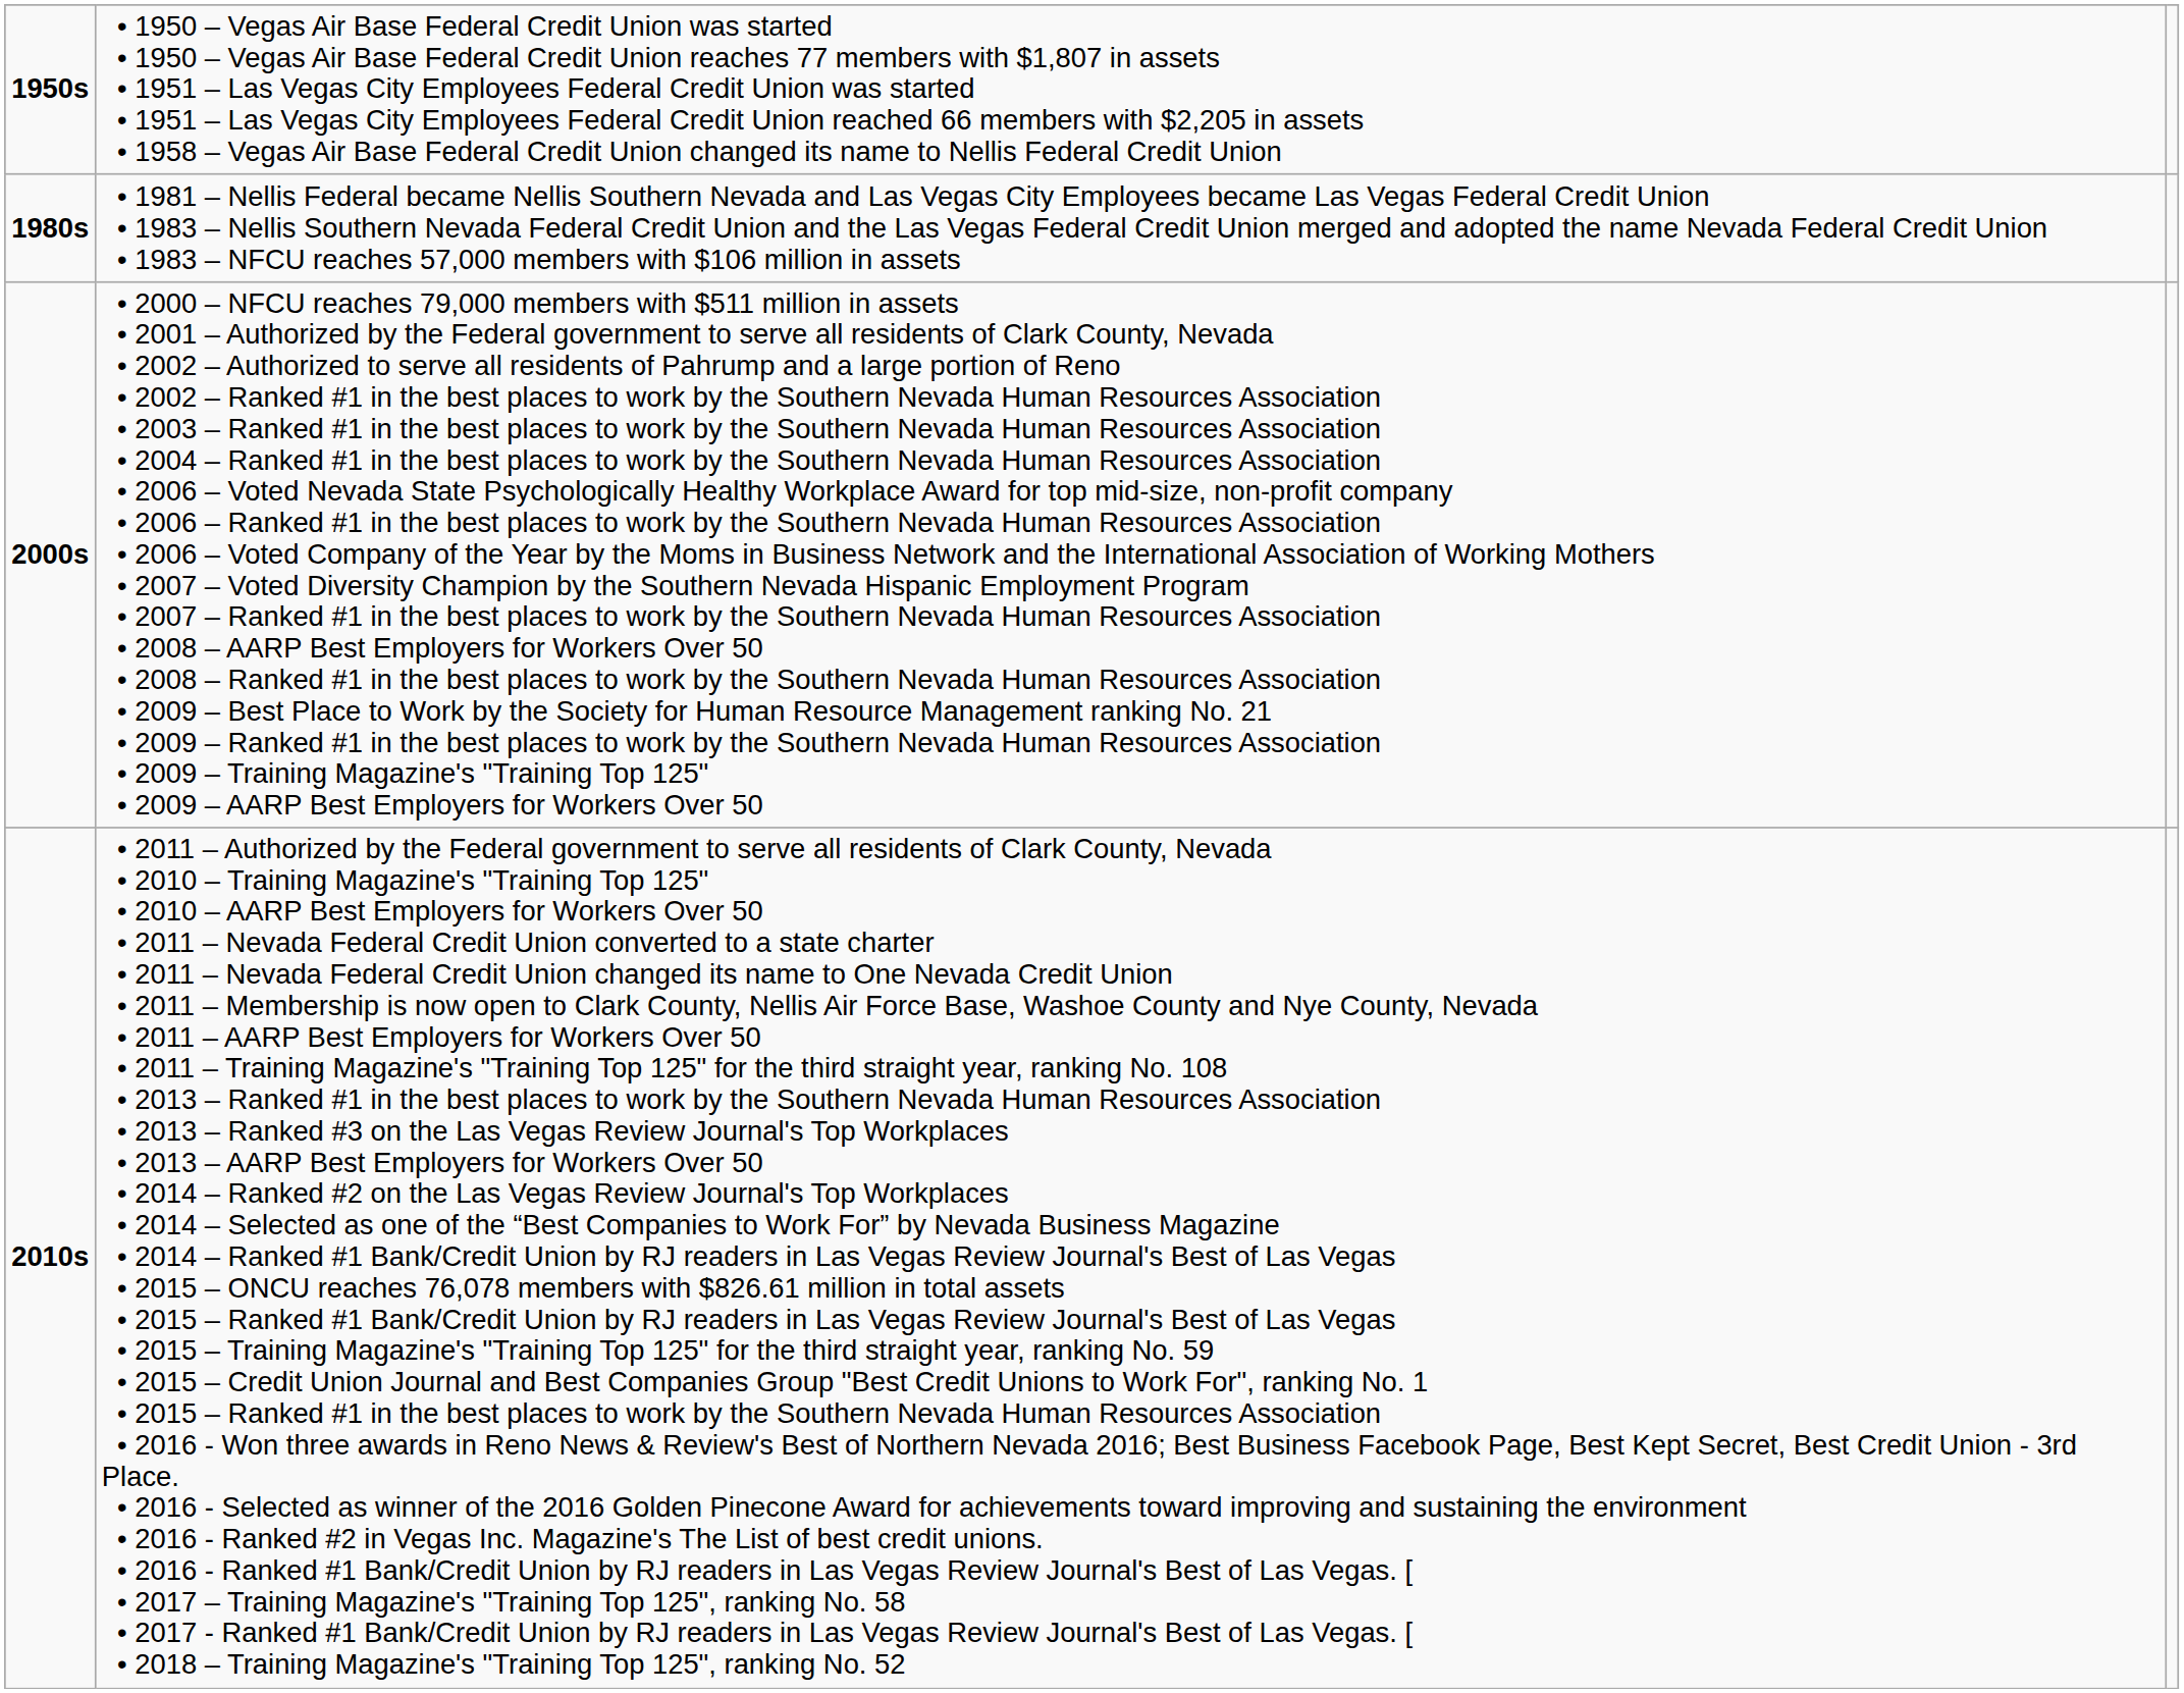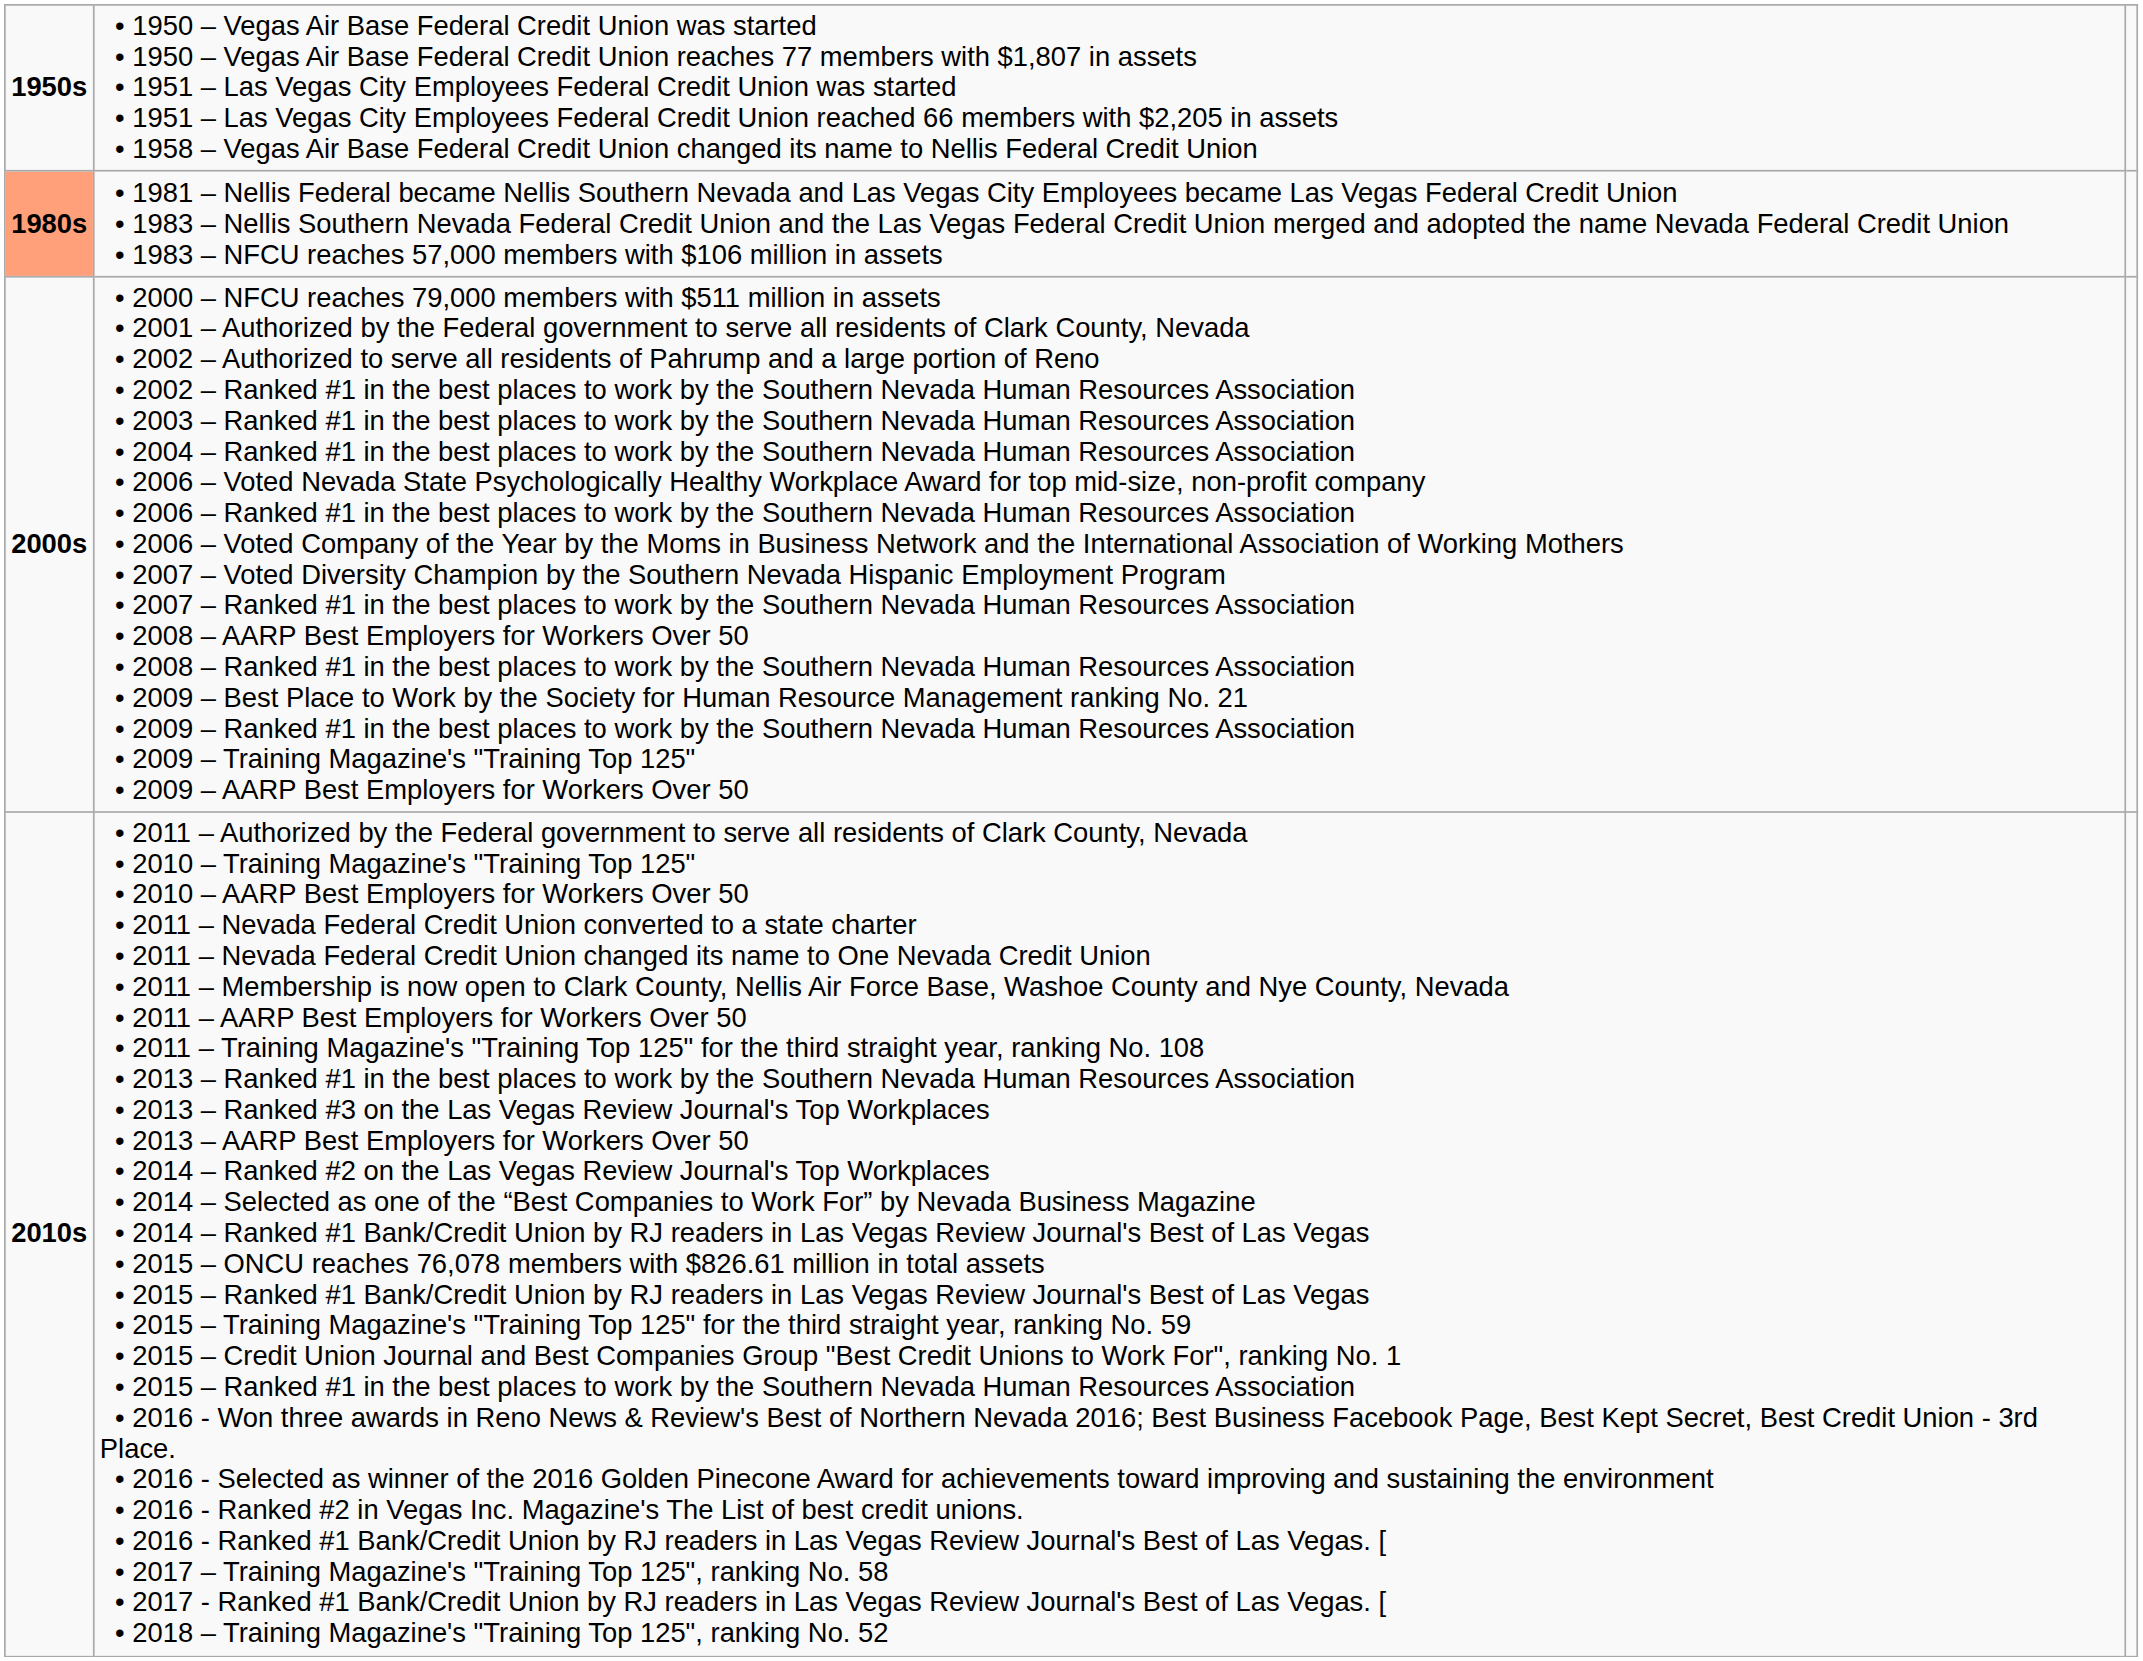 <table class="wikitable">
 <tr>
 <td><strong>1950s</strong></td>
 <td>  • 1950 – Vegas Air Base Federal Credit Union was started<br>  • 1950 – Vegas Air Base Federal Credit Union reaches 77 members with $1,807 in assets<br>  • 1951 – Las Vegas City Employees Federal Credit Union was started<br>  • 1951 – Las Vegas City Employees Federal Credit Union reached 66 members with $2,205 in assets<br>  • 1958 – Vegas Air Base Federal Credit Union changed its name to Nellis Federal Credit Union</td>
 <td><br></td>
 </tr>
 <tr>
-<td><strong>1980s</strong></td>
+<td style="background: lightsalmon;"><strong>1980s</strong></td>
 <td>  • 1981 – Nellis Federal became Nellis Southern Nevada and Las Vegas City Employees became Las Vegas Federal Credit Union<br>  • 1983 – Nellis Southern Nevada Federal Credit Union and the Las Vegas Federal Credit Union merged and adopted the name Nevada Federal Credit Union<br>  • 1983 – NFCU reaches 57,000 members with $106 million in assets</td>
 <td><br></td>
 </tr>
 <tr>
 <td><strong>2000s</strong></td>
 <td>  • 2000 – NFCU reaches 79,000 members with $511 million in assets<br>  • 2001 – Authorized by the Federal government to serve all residents of Clark County, Nevada<br>  • 2002 – Authorized to serve all residents of Pahrump and a large portion of Reno<br>  • 2002 – Ranked #1 in the best places to work by the Southern Nevada Human Resources Association<br>  • 2003 – Ranked #1 in the best places to work by the Southern Nevada Human Resources Association<br>  • 2004 – Ranked #1 in the best places to work by the Southern Nevada Human Resources Association<br>  • 2006 – Voted Nevada State Psychologically Healthy Workplace Award for top mid-size, non-profit company<br>  • 2006 – Ranked #1 in the best places to work by the Southern Nevada Human Resources Association<br>  • 2006 – Voted Company of the Year by the Moms in Business Network and the International Association of Working Mothers<br>  • 2007 – Voted Diversity Champion by the Southern Nevada Hispanic Employment Program<br>  • 2007 – Ranked #1 in the best places to work by the Southern Nevada Human Resources Association<br>  • 2008 – AARP Best Employers for Workers Over 50<br>  • 2008 – Ranked #1 in the best places to work by the Southern Nevada Human Resources Association<br>  • 2009 – Best Place to Work by the Society for Human Resource Management ranking No. 21<br>  • 2009 – Ranked #1 in the best places to work by the Southern Nevada Human Resources Association<br>  • 2009 – Training Magazine's "Training Top 125"<br>  • 2009 – AARP Best Employers for Workers Over 50</td>
 <td><br></td>
 </tr>
 <tr>
 <td><strong>2010s</strong></td>
 <td>  • 2011 – Authorized by the Federal government to serve all residents of Clark County, Nevada<br>  • 2010 – Training Magazine's "Training Top 125"<br>  • 2010 – AARP Best Employers for Workers Over 50<br>  • 2011 – Nevada Federal Credit Union converted to a state charter<br>  • 2011 – Nevada Federal Credit Union changed its name to One Nevada Credit Union<br>  • 2011 –  Membership is now open to Clark County, Nellis Air Force Base, Washoe County and Nye County, Nevada<br>  • 2011 – AARP Best Employers for Workers Over 50<br>  • 2011 – Training Magazine's "Training Top 125" for the third straight year, ranking No. 108<br>  • 2013 – Ranked #1 in the best places to work by the Southern Nevada Human Resources Association<br>  • 2013 – Ranked #3 on the Las Vegas Review Journal's Top Workplaces<br>  • 2013 – AARP Best Employers for Workers Over 50<br>  • 2014 – Ranked #2 on the Las Vegas Review Journal's Top Workplaces<br>  • 2014 – Selected as one of the “Best Companies to Work For” by Nevada Business Magazine<br>  • 2014 – Ranked #1 Bank/Credit Union by RJ readers in Las Vegas Review Journal's Best of Las Vegas<br>  • 2015 – ONCU reaches 76,078 members with $826.61 million in total assets<br>  • 2015 – Ranked #1 Bank/Credit Union by RJ readers in Las Vegas Review Journal's Best of Las Vegas<br>  • 2015 – Training Magazine's "Training Top 125" for the third straight year, ranking No. 59<br>  • 2015 – Credit Union Journal and Best Companies Group "Best Credit Unions to Work For", ranking No. 1 <br>  • 2015 – Ranked #1 in the best places to work by the Southern Nevada Human Resources Association<br>  • 2016 - Won three awards in Reno News & Review's Best of Northern Nevada 2016; Best Business Facebook Page, Best Kept Secret, Best Credit Union - 3rd Place.<br>  • 2016 - Selected as winner of the 2016 Golden Pinecone Award for achievements toward improving and sustaining the environment<br>  • 2016 - Ranked #2 in Vegas Inc. Magazine's The List of best credit unions.<br>  • 2016 - Ranked #1 Bank/Credit Union by RJ readers in Las Vegas Review Journal's Best of Las Vegas. [<br>  • 2017 – Training Magazine's "Training Top 125", ranking No. 58<br>  • 2017 - Ranked #1 Bank/Credit Union by RJ readers in Las Vegas Review Journal's Best of Las Vegas. [<br>  • 2018 – Training Magazine's "Training Top 125", ranking No. 52</td>
 <td><br> </td>
 </tr>
 </table>
